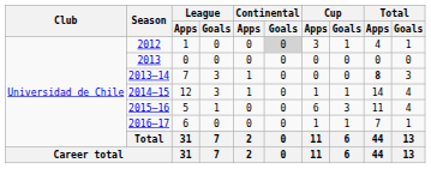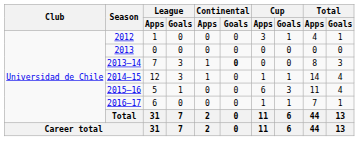 <table class="wikitable" style="text-align: center;">
 <tr>
 <th rowspan="2">Club</th>
 <th rowspan="2">Season</th>
 <th colspan="2">League</th>
 <th colspan="2">Continental</th>
 <th colspan="2">Cup</th>
 <th colspan="2">Total</th>
 </tr>
 <tr>
 <th>Apps</th>
 <th>Goals</th>
 <th>Apps</th>
 <th>Goals</th>
 <th>Apps</th>
 <th>Goals</th>
 <th>Apps</th>
 <th>Goals</th>
 </tr>
 <tr>
 <td rowspan="7"><a href='#'>Universidad de Chile</a></td>
 <td><a href='#'>2012</a></td>
 <td>1</td>
 <td>0</td>
 <td>0</td>
-<td style="background: lightgrey;">0</td>
+<td>0</td>
 <td>3</td>
 <td>1</td>
 <td>4</td>
 <td>1</td>
 </tr>
 <tr>
 <td><a href='#'>2013</a></td>
 <td>0</td>
 <td>0</td>
 <td>0</td>
 <td>0</td>
 <td>0</td>
 <td>0</td>
 <td>0</td>
 <td>0</td>
 </tr>
 <tr>
 <td><a href='#'>2013–14</a></td>
 <td>7</td>
 <td>3</td>
 <td>1</td>
+<td><strong>0</strong></td>
 <td>0</td>
 <td>0</td>
-<td>0</td>
-<td><strong>8</strong></td>
+<td>8</td>
 <td>3</td>
 </tr>
 <tr>
 <td><a href='#'>2014–15</a></td>
 <td>12</td>
 <td>3</td>
 <td>1</td>
 <td>0</td>
 <td>1</td>
 <td>1</td>
 <td>14</td>
 <td>4</td>
 </tr>
 <tr>
 <td><a href='#'>2015–16</a></td>
 <td>5</td>
 <td>1</td>
 <td>0</td>
 <td>0</td>
 <td>6</td>
 <td>3</td>
 <td>11</td>
 <td>4</td>
 </tr>
 <tr>
 <td><a href='#'>2016–17</a></td>
 <td>6</td>
 <td>0</td>
 <td>0</td>
 <td>0</td>
 <td>1</td>
 <td>1</td>
 <td>7</td>
 <td>1</td>
 </tr>
 <tr>
 <th>Total</th>
 <th>31</th>
 <th>7</th>
 <th>2</th>
 <th>0</th>
 <th>11</th>
 <th>6</th>
 <th>44</th>
 <th>13</th>
 </tr>
 <tr>
 <th colspan="2">Career total</th>
 <th>31</th>
 <th>7</th>
 <th>2</th>
 <th>0</th>
 <th>11</th>
 <th>6</th>
 <th>44</th>
 <th>13</th>
 </tr>
 </table>
